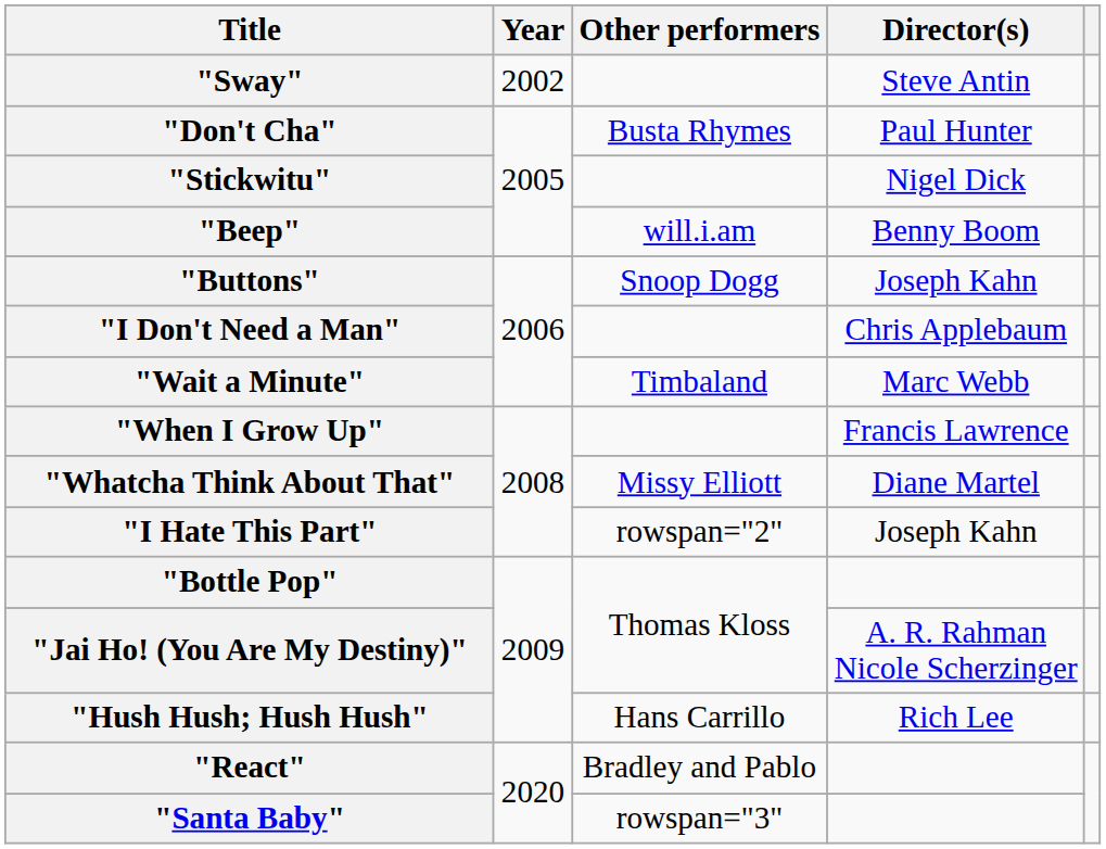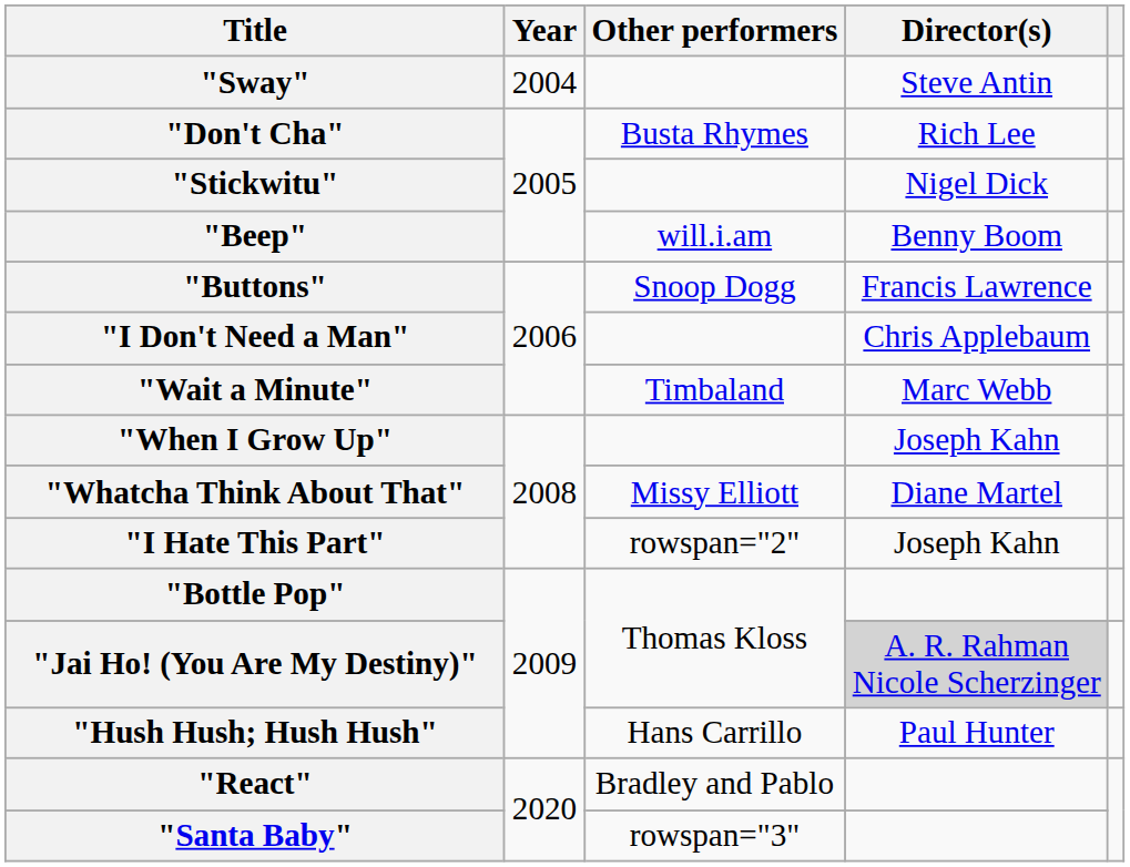 <table class="wikitable plainrowheaders" style="text-align:center;">
 <tr>
 <th scope="col" style="width:15em;">Title</th>
 <th scope="col">Year</th>
 <th scope="col">Other performers</th>
 <th scope="col">Director(s)</th>
 <th scope="col"></th>
 </tr>
 <tr>
 <th scope="row">"Sway"</th>
-<td>2002</td>
+<td>2004</td>
 <td></td>
 <td><a href='#'>Steve Antin</a></td>
 <td></td>
 </tr>
 <tr>
 <th scope="row">"Don't Cha"</th>
 <td rowspan="3">2005</td>
 <td><a href='#'>Busta Rhymes</a></td>
-<td><a href='#'>Paul Hunter</a></td>
+<td><a href='#'>Rich Lee</a></td>
 <td></td>
 </tr>
 <tr>
 <th scope="row">"Stickwitu"</th>
 <td></td>
 <td><a href='#'>Nigel Dick</a></td>
 <td></td>
 </tr>
 <tr>
 <th scope="row">"Beep"</th>
 <td><a href='#'>will.i.am</a></td>
 <td><a href='#'>Benny Boom</a></td>
 <td></td>
 </tr>
 <tr>
 <th scope="row">"Buttons"</th>
 <td rowspan="3">2006</td>
 <td><a href='#'>Snoop Dogg</a></td>
-<td><a href='#'>Joseph Kahn</a></td>
+<td><a href='#'>Francis Lawrence</a></td>
 <td></td>
 </tr>
 <tr>
 <th scope="row">"I Don't Need a Man"</th>
 <td></td>
 <td><a href='#'>Chris Applebaum</a></td>
 <td></td>
 </tr>
 <tr>
 <th scope="row">"Wait a Minute"</th>
 <td><a href='#'>Timbaland</a></td>
 <td><a href='#'>Marc Webb</a></td>
 <td></td>
 </tr>
 <tr>
 <th scope="row">"When I Grow Up"</th>
 <td rowspan="3">2008</td>
 <td></td>
-<td><a href='#'>Francis Lawrence</a></td>
+<td><a href='#'>Joseph Kahn</a></td>
 <td></td>
 </tr>
 <tr>
 <th scope="row">"Whatcha Think About That"</th>
 <td><a href='#'>Missy Elliott</a></td>
 <td><a href='#'>Diane Martel</a></td>
 <td></td>
 </tr>
 <tr>
 <th scope="row">"I Hate This Part"</th>
 <td>rowspan="2" </td>
 <td>Joseph Kahn</td>
 <td></td>
 </tr>
 <tr>
 <th scope="row">"Bottle Pop"</th>
 <td rowspan="3">2009</td>
 <td rowspan="2">Thomas Kloss</td>
 <td></td>
 </tr>
 <tr>
 <th scope="row">"Jai Ho! (You Are My Destiny)"</th>
-<td><a href='#'>A. R. Rahman</a><br><a href='#'>Nicole Scherzinger</a></td>
+<td style="background: lightgrey;"><a href='#'>A. R. Rahman</a><br><a href='#'>Nicole Scherzinger</a></td>
 <td></td>
 </tr>
 <tr>
 <th scope="row">"Hush Hush; Hush Hush"</th>
 <td>Hans Carrillo</td>
-<td><a href='#'>Rich Lee</a></td>
+<td><a href='#'>Paul Hunter</a></td>
 <td></td>
 </tr>
 <tr>
 <th scope="row">"React"</th>
 <td rowspan="2">2020</td>
 <td>Bradley and Pablo</td>
 <td></td>
 </tr>
 <tr>
 <th scope="row">"<a href='#'>Santa Baby</a>"</th>
 <td>rowspan="3" </td>
 <td></td>
 </tr>
 </table>
